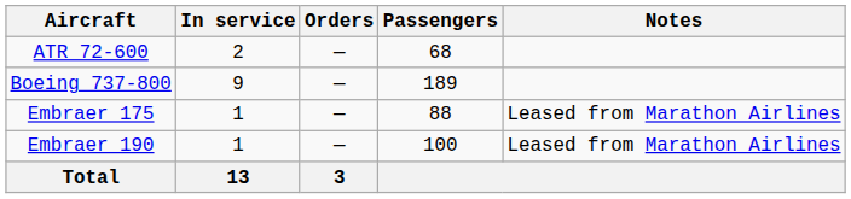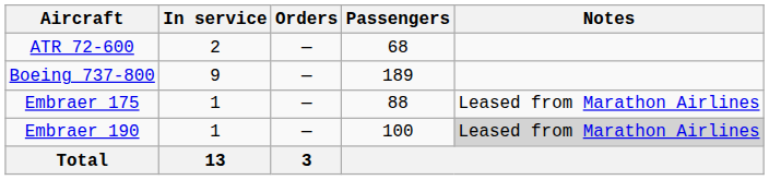 <table class="wikitable" style="margin:1em auto; border-collapse:collapse;text-align:center">
 <tr>
 <th>Aircraft</th>
 <th>In service</th>
 <th>Orders</th>
 <th>Passengers</th>
 <th>Notes</th>
 </tr>
 <tr>
 <td><a href='#'>ATR 72-600</a></td>
 <td>2</td>
 <td>—</td>
 <td>68</td>
 <td></td>
 </tr>
 <tr>
 <td><a href='#'>Boeing 737-800</a></td>
 <td>9</td>
 <td>—</td>
 <td>189</td>
 <td></td>
 </tr>
 <tr>
 <td><a href='#'>Embraer 175</a></td>
 <td>1</td>
 <td>—</td>
 <td>88</td>
 <td>Leased from <a href='#'>Marathon Airlines</a></td>
 </tr>
 <tr>
 <td><a href='#'>Embraer 190</a></td>
 <td>1</td>
 <td>—</td>
 <td>100</td>
-<td>Leased from <a href='#'>Marathon Airlines</a></td>
+<td style="background: lightgrey;">Leased from <a href='#'>Marathon Airlines</a></td>
 </tr>
 <tr>
 <th>Total</th>
 <th>13</th>
 <th>3</th>
 <th colspan="2"></th>
 </tr>
 </table>
